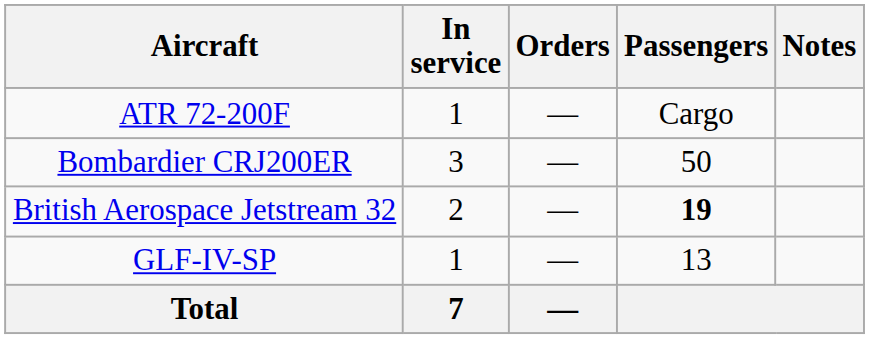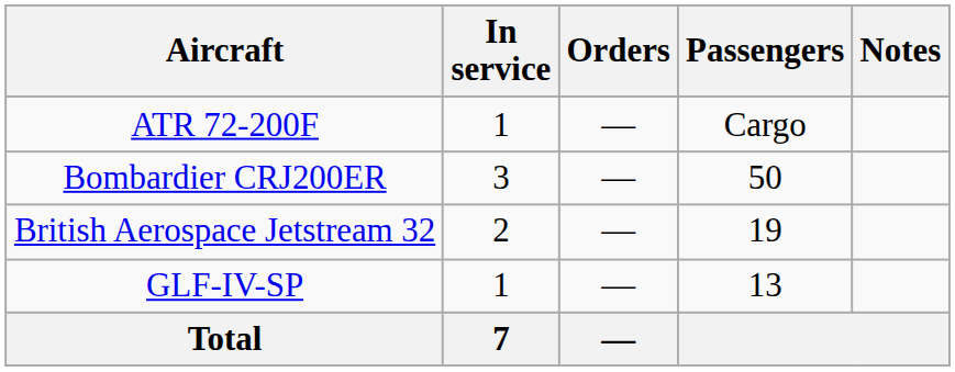 <table class="wikitable" style="margin:0.5em auto; text-align:center">
 <tr>
 <th>Aircraft</th>
 <th>In <br> service</th>
 <th>Orders</th>
 <th>Passengers</th>
 <th>Notes</th>
 </tr>
 <tr>
 <td><a href='#'>ATR 72-200F</a></td>
 <td>1</td>
 <td>—</td>
 <td>Cargo</td>
 <td></td>
 </tr>
 <tr>
 <td><a href='#'>Bombardier CRJ200ER</a></td>
 <td>3</td>
 <td>—</td>
 <td>50</td>
 <td></td>
 </tr>
 <tr>
 <td><a href='#'>British Aerospace Jetstream 32</a></td>
 <td>2</td>
 <td>—</td>
-<td><strong>19</strong></td>
+<td>19</td>
 <td></td>
 </tr>
 <tr>
 <td><a href='#'>GLF-IV-SP</a></td>
 <td>1</td>
 <td>—</td>
 <td>13</td>
 <td></td>
 </tr>
 <tr>
 <th>Total</th>
 <th>7</th>
 <th>—</th>
 <th colspan="2"></th>
 </tr>
 </table>
